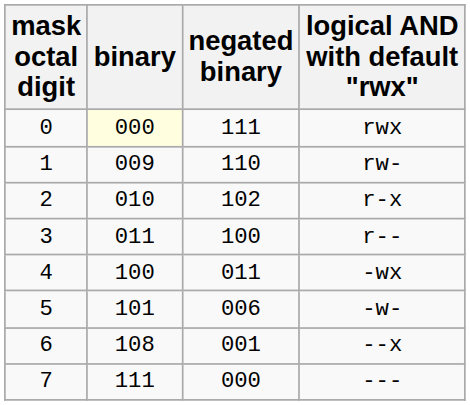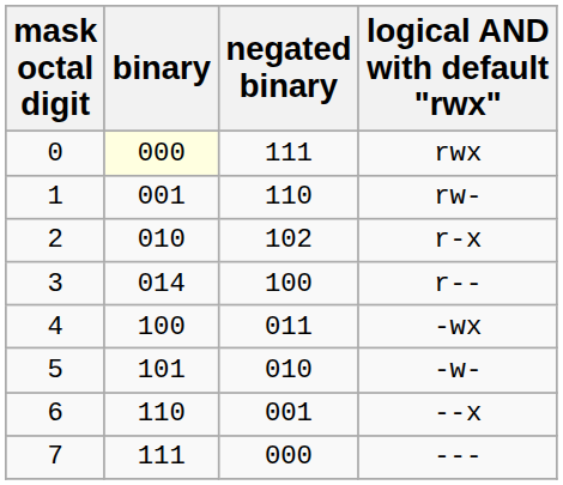 <table class="wikitable">
 <tr>
 <th>mask<br>octal<br>digit</th>
 <th>binary</th>
 <th>negated<br>binary</th>
 <th>logical AND<br>with default<br>"rwx"</th>
 </tr>
 <tr style="text-align: center; font-family:monospace;">
 <td>0</td>
 <td style="background: lightyellow;">000</td>
 <td>111</td>
 <td>rwx</td>
 </tr>
 <tr style="text-align: center; font-family:monospace;">
 <td>1</td>
-<td>009</td>
+<td>001</td>
 <td>110</td>
 <td>rw-</td>
 </tr>
 <tr style="text-align: center; font-family:monospace;">
 <td>2</td>
 <td>010</td>
 <td>102</td>
 <td>r-x</td>
 </tr>
 <tr style="text-align: center; font-family:monospace;">
 <td>3</td>
-<td>011</td>
+<td>014</td>
 <td>100</td>
 <td>r--</td>
 </tr>
 <tr style="text-align: center; font-family:monospace;">
 <td>4</td>
 <td>100</td>
 <td>011</td>
 <td>-wx</td>
 </tr>
 <tr style="text-align: center; font-family:monospace;">
 <td>5</td>
 <td>101</td>
-<td>006</td>
+<td>010</td>
 <td>-w-</td>
 </tr>
 <tr style="text-align: center; font-family:monospace;">
 <td>6</td>
-<td>108</td>
+<td>110</td>
 <td>001</td>
 <td>--x</td>
 </tr>
 <tr style="text-align: center; font-family:monospace;">
 <td>7</td>
 <td>111</td>
 <td>000</td>
 <td>---</td>
 </tr>
 </table>
